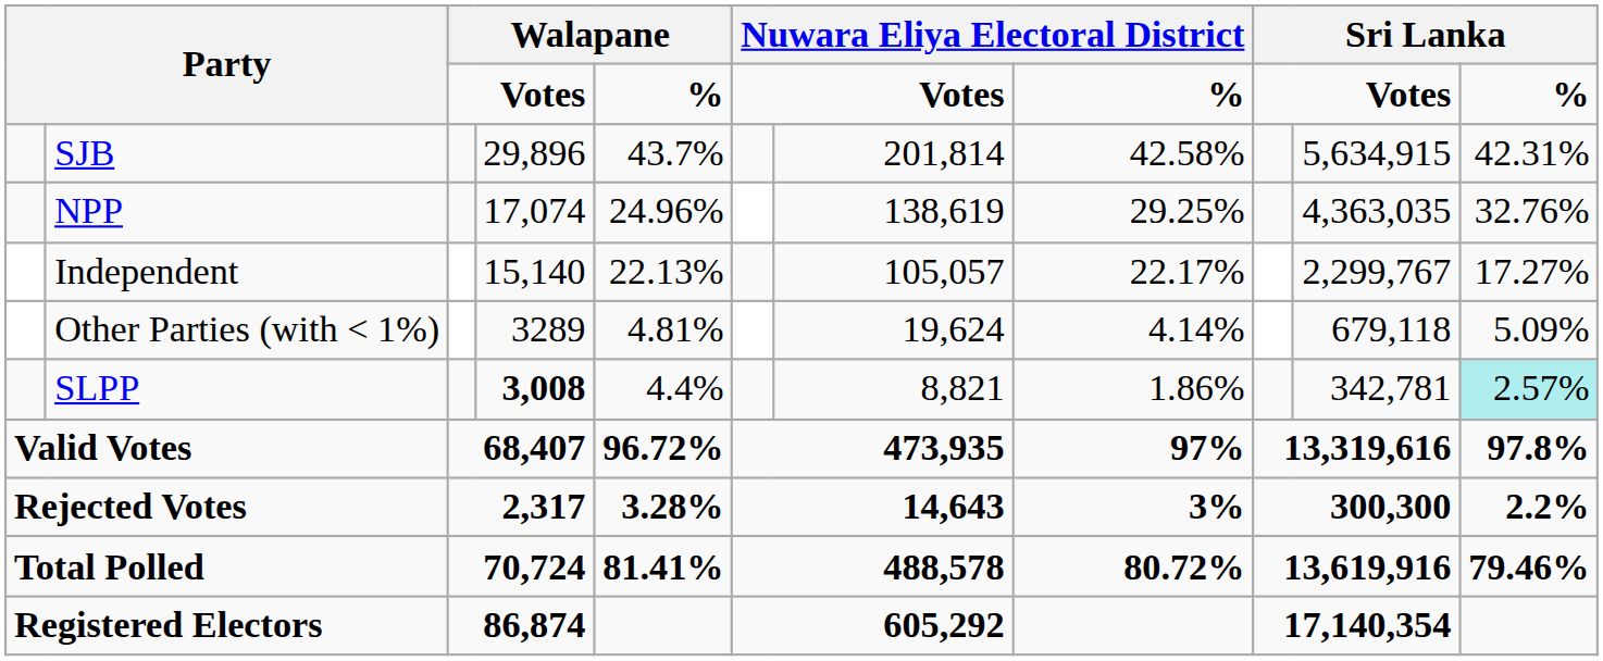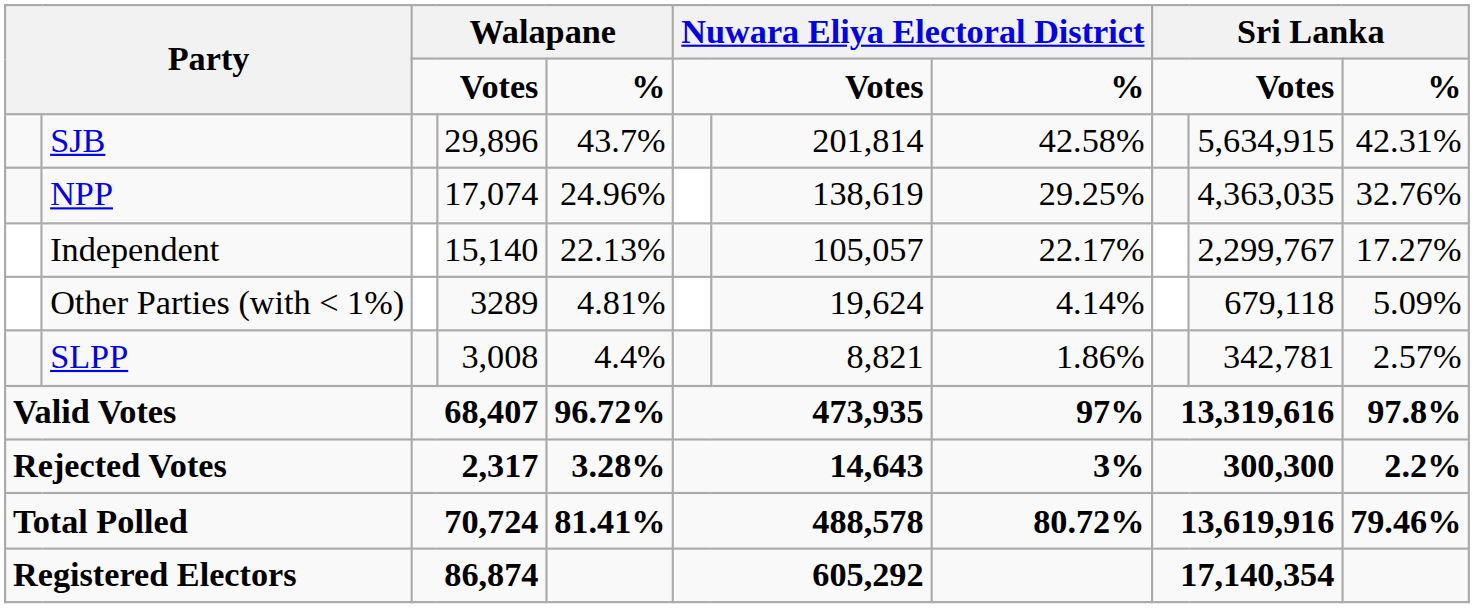 <table class="wikitable" style="text-align:right;">
 <tr>
 <th colspan="2" rowspan="2">Party</th>
 <th colspan="3">Walapane</th>
 <th colspan="3"><a href='#'>Nuwara Eliya Electoral District</a></th>
 <th colspan="3">Sri Lanka</th>
 </tr>
 <tr>
 <td colspan="2"><strong>Votes</strong></td>
 <td><strong>%</strong></td>
 <td colspan="2"><strong>Votes</strong></td>
 <td><strong>%</strong></td>
 <td colspan="2"><strong>Votes</strong></td>
 <td><strong>%</strong></td>
 </tr>
 <tr>
 <td bgcolor=> </td>
 <td align=left><a href='#'>SJB</a></td>
 <td bgcolor=> </td>
 <td>29,896</td>
 <td>43.7%</td>
 <td bgcolor=> </td>
 <td>201,814</td>
 <td>42.58%</td>
 <td bgcolor=> </td>
 <td>5,634,915</td>
 <td>42.31%</td>
 </tr>
 <tr>
 <td bgcolor=> </td>
 <td align=left><a href='#'>NPP</a></td>
 <td bgcolor=> </td>
 <td>17,074</td>
 <td>24.96%</td>
 <td bgcolor="white"> </td>
 <td>138,619</td>
 <td>29.25%</td>
 <td bgcolor=> </td>
 <td>4,363,035</td>
 <td>32.76%</td>
 </tr>
 <tr>
 <td bgcolor="white"> </td>
 <td align=left>Independent</td>
 <td bgcolor="white"> </td>
 <td>15,140</td>
 <td>22.13%</td>
 <td bgcolor=> </td>
 <td>105,057</td>
 <td>22.17%</td>
 <td bgcolor="white"> </td>
 <td>2,299,767</td>
 <td>17.27%</td>
 </tr>
 <tr>
 <td bgcolor="white" width="10px"> </td>
 <td align=left>Other Parties (with < 1%)</td>
 <td bgcolor="white"> </td>
 <td>3289</td>
 <td>4.81%</td>
 <td bgcolor="white" width="10px"> </td>
 <td>19,624</td>
 <td>4.14%</td>
 <td bgcolor="white" width="10px"> </td>
 <td>679,118</td>
 <td>5.09%</td>
 </tr>
 <tr>
 <td bgcolor=> </td>
 <td align=left><a href='#'>SLPP</a></td>
 <td bgcolor=> </td>
-<td><strong>3,008</strong></td>
+<td>3,008</td>
 <td>4.4%</td>
 <td bgcolor=> </td>
 <td>8,821</td>
 <td>1.86%</td>
 <td bgcolor=> </td>
 <td>342,781</td>
-<td style="background: paleturquoise;">2.57%</td>
+<td>2.57%</td>
 </tr>
 <tr>
 <td colspan="2" align=left><strong>Valid Votes</strong></td>
 <td colspan="2"><strong>68,407</strong></td>
 <td><strong>96.72%</strong></td>
 <td colspan="2"><strong>473,935</strong></td>
 <td><strong>97%</strong></td>
 <td colspan="2"><strong>13,319,616</strong></td>
 <td><strong>97.8%</strong></td>
 </tr>
 <tr>
 <td colspan="2" align=left><strong>Rejected Votes</strong></td>
 <td colspan="2"><strong>2,317</strong></td>
 <td><strong>3.28%</strong></td>
 <td colspan="2"><strong>14,643</strong></td>
 <td><strong>3%</strong></td>
 <td colspan="2"><strong>300,300</strong></td>
 <td><strong>2.2%</strong></td>
 </tr>
 <tr>
 <td colspan="2" align=left><strong>Total Polled</strong></td>
 <td colspan="2"><strong>70,724</strong></td>
 <td><strong>81.41%</strong></td>
 <td colspan="2"><strong>488,578</strong></td>
 <td><strong>80.72%</strong></td>
 <td colspan="2"><strong>13,619,916</strong></td>
 <td><strong>79.46%</strong></td>
 </tr>
 <tr>
 <td colspan="2" align=left><strong>Registered Electors</strong></td>
 <td colspan="2"><strong>86,874</strong></td>
 <td></td>
 <td colspan="2"><strong>605,292</strong></td>
 <td></td>
 <td colspan="2"><strong>17,140,354</strong></td>
 <td></td>
 </tr>
 </table>
